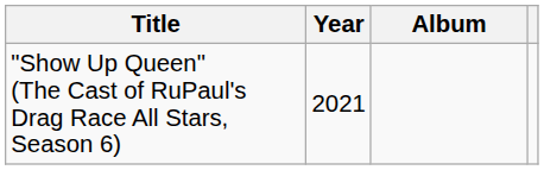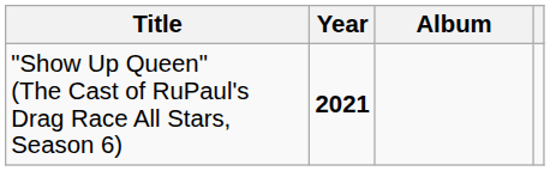 <table class="wikitable plainrowheaders sortable" style="text-align:left;">
 <tr>
 <th scope="col"  style="width:12em;">Title</th>
 <th scope="col"  style="width:2em;">Year</th>
 <th scope="col"  style="width:6em;">Album</th>
 <th rowspan="1"  style="text-align: center;" class="unsortable"></th>
 </tr>
 <tr>
 <td>"Show Up Queen"<br>(The Cast of RuPaul's Drag Race All Stars, Season 6)</td>
-<td rowspan="1">2021</td>
+<td rowspan="1"><strong>2021</strong></td>
 <td></td>
 <td style="text-align: center;"></td>
 </tr>
 </table>
